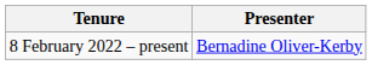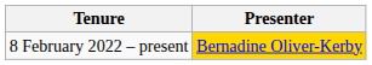 <table class="wikitable">
 <tr>
 <th>Tenure</th>
 <th>Presenter</th>
 </tr>
 <tr>
 <td>8 February 2022 – present</td>
-<td><a href='#'>Bernadine Oliver-Kerby</a></td>
+<td style="background: gold;"><a href='#'>Bernadine Oliver-Kerby</a></td>
 </tr>
 </table>
